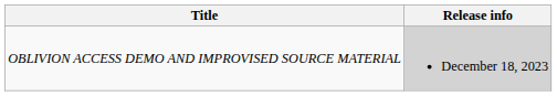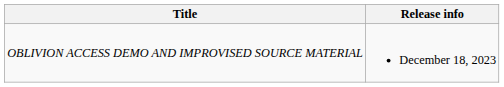 <table class="wikitable">
 <tr>
 <th>Title</th>
 <th>Release info</th>
 </tr>
 <tr>
 <td><em>OBLIVION ACCESS DEMO AND IMPROVISED SOURCE MATERIAL</em></td>
-<td style="background: lightgrey;"><br><ul><li>December 18, 2023</li></ul></td>
+<td><br><ul><li>December 18, 2023</li></ul></td>
 </tr>
 </table>
